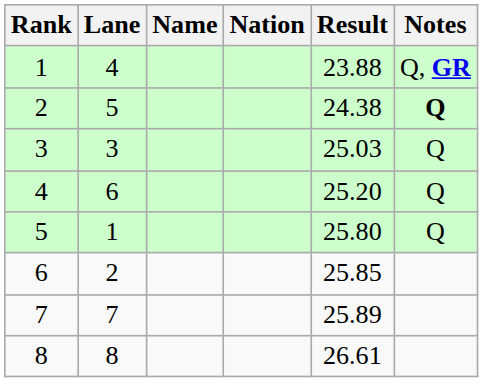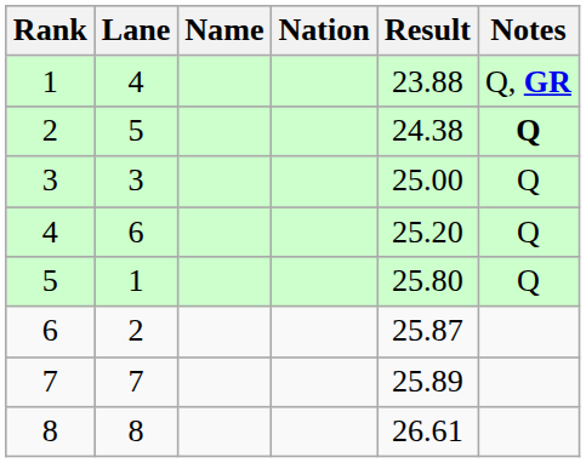 <table class="wikitable" style="text-align:center">
 <tr>
 <th>Rank</th>
 <th>Lane</th>
 <th>Name</th>
 <th>Nation</th>
 <th>Result</th>
 <th>Notes</th>
 </tr>
 <tr bgcolor=ccffcc>
 <td>1</td>
 <td>4</td>
 <td align="left"></td>
 <td align="left"></td>
 <td>23.88</td>
 <td>Q, <strong><a href='#'>GR</a></strong></td>
 </tr>
 <tr bgcolor=ccffcc>
 <td>2</td>
 <td>5</td>
 <td align="left"></td>
 <td align="left"></td>
 <td>24.38</td>
 <td><strong>Q</strong></td>
 </tr>
 <tr bgcolor=ccffcc>
 <td>3</td>
 <td>3</td>
 <td align="left"></td>
 <td align="left"></td>
-<td>25.03</td>
+<td>25.00</td>
 <td>Q</td>
 </tr>
 <tr bgcolor=ccffcc>
 <td>4</td>
 <td>6</td>
 <td align="left"></td>
 <td align="left"></td>
 <td>25.20</td>
 <td>Q</td>
 </tr>
 <tr bgcolor=ccffcc>
 <td>5</td>
 <td>1</td>
 <td align="left"></td>
 <td align="left"></td>
 <td>25.80</td>
 <td>Q</td>
 </tr>
 <tr>
 <td>6</td>
 <td>2</td>
 <td align="left"></td>
 <td align="left"></td>
-<td>25.85</td>
+<td>25.87</td>
 <td></td>
 </tr>
 <tr>
 <td>7</td>
 <td>7</td>
 <td align="left"></td>
 <td align="left"></td>
 <td>25.89</td>
 <td></td>
 </tr>
 <tr>
 <td>8</td>
 <td>8</td>
 <td align="left"></td>
 <td align="left"></td>
 <td>26.61</td>
 <td></td>
 </tr>
 </table>
